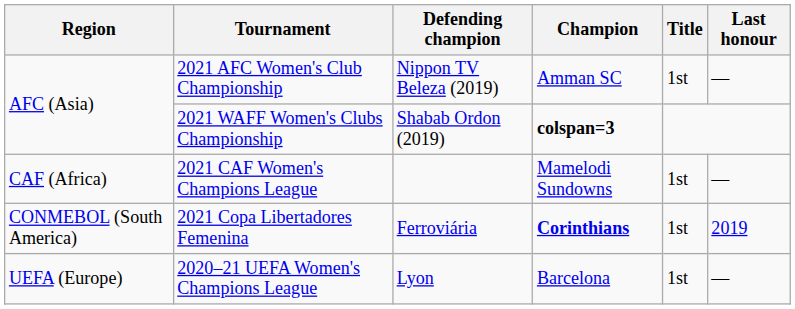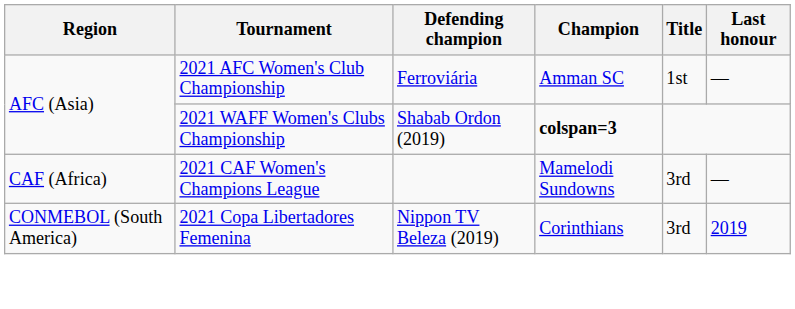 <table class=wikitable style="font-size:14px">
 <tr>
 <th>Region</th>
 <th>Tournament</th>
 <th>Defending champion</th>
 <th>Champion</th>
 <th>Title</th>
 <th>Last honour</th>
 </tr>
 <tr>
 <td rowspan=2><a href='#'>AFC</a> (Asia)</td>
 <td><a href='#'>2021 AFC Women's Club Championship</a></td>
-<td> <a href='#'>Nippon TV Beleza</a> (2019)</td>
+<td> <a href='#'>Ferroviária</a></td>
 <td> <a href='#'>Amman SC</a></td>
 <td>1st</td>
 <td>—</td>
 </tr>
 <tr>
 <td><a href='#'>2021 WAFF Women's Clubs Championship</a></td>
 <td> <a href='#'>Shabab Ordon</a> (2019)</td>
 <td><strong>colspan=3 </strong></td>
 </tr>
 <tr>
 <td><a href='#'>CAF</a> (Africa)</td>
 <td><a href='#'>2021 CAF Women's Champions League</a></td>
 <td></td>
 <td> <a href='#'>Mamelodi Sundowns</a></td>
-<td>1st</td>
+<td>3rd</td>
 <td>―</td>
 </tr>
 <tr>
 <td><a href='#'>CONMEBOL</a> (South America)</td>
 <td><a href='#'>2021 Copa Libertadores Femenina</a></td>
-<td> <a href='#'>Ferroviária</a></td>
-<td><strong> <a href='#'>Corinthians</a></strong></td>
-<td>1st</td>
+<td> <a href='#'>Nippon TV Beleza</a> (2019)</td>
+<td> <a href='#'>Corinthians</a></td>
+<td>3rd</td>
 <td><a href='#'>2019</a></td>
 </tr>
-<tr>
-<td><a href='#'>UEFA</a> (Europe)</td>
-<td><a href='#'>2020–21 UEFA Women's Champions League</a></td>
-<td> <a href='#'>Lyon</a></td>
-<td> <a href='#'>Barcelona</a></td>
-<td>1st</td>
-<td>—</td>
-</tr>
 </table>
